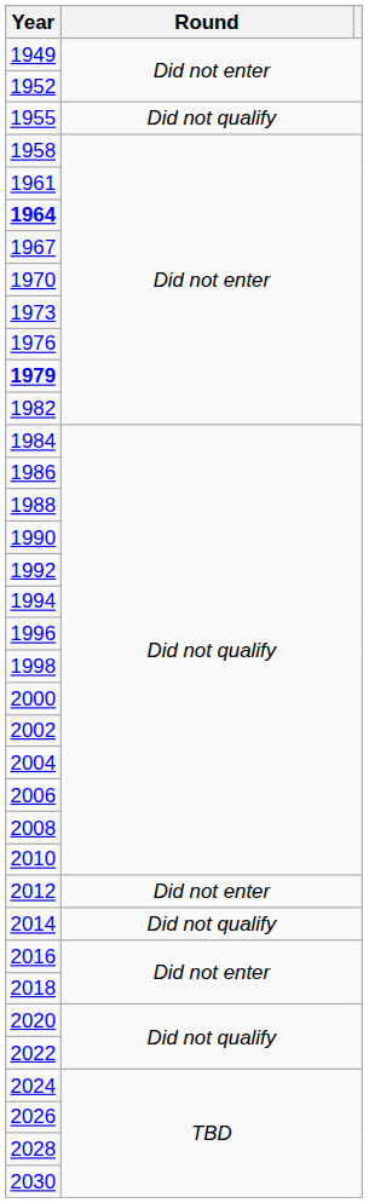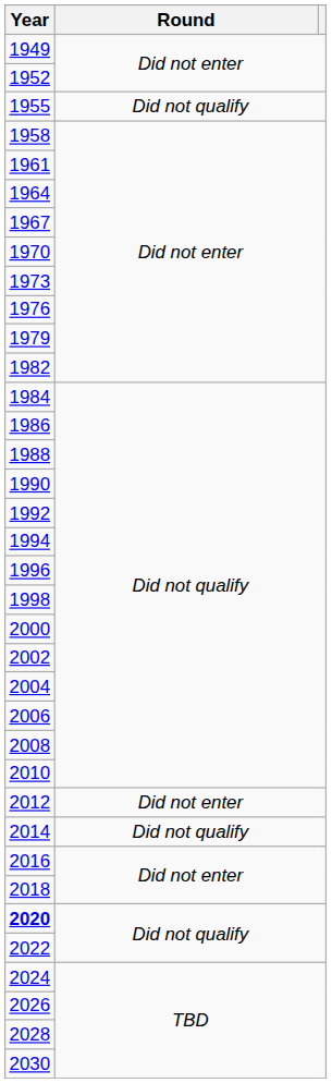 <table class="wikitable" style="text-align: center; font-size:90%">
 <tr>
 <th>Year</th>
 <th style="width:200px">Round</th>
 <th></th>
 </tr>
 <tr>
 <td><a href='#'>1949</a></td>
 <td colspan="2" rowspan="2"><em>Did not enter</em></td>
 </tr>
 <tr>
 <td><a href='#'>1952</a></td>
 </tr>
 <tr>
 <td><a href='#'>1955</a></td>
 <td colspan="2"><em>Did not qualify</em></td>
 </tr>
 <tr>
 <td><a href='#'>1958</a></td>
 <td colspan="2" rowspan="9"><em>Did not enter</em></td>
 </tr>
 <tr>
 <td><a href='#'>1961</a></td>
 </tr>
 <tr>
-<td><strong><a href='#'>1964</a></strong></td>
+<td><a href='#'>1964</a></td>
 </tr>
 <tr>
 <td><a href='#'>1967</a></td>
 </tr>
 <tr>
 <td><a href='#'>1970</a></td>
 </tr>
 <tr>
 <td><a href='#'>1973</a></td>
 </tr>
 <tr>
 <td><a href='#'>1976</a></td>
 </tr>
 <tr>
-<td><strong><a href='#'>1979</a></strong></td>
+<td><a href='#'>1979</a></td>
 </tr>
 <tr>
 <td><a href='#'>1982</a></td>
 </tr>
 <tr>
 <td><a href='#'>1984</a></td>
 <td colspan="2" rowspan="14"><em>Did not qualify</em></td>
 </tr>
 <tr>
 <td><a href='#'>1986</a></td>
 </tr>
 <tr>
 <td><a href='#'>1988</a></td>
 </tr>
 <tr>
 <td><a href='#'>1990</a></td>
 </tr>
 <tr>
 <td><a href='#'>1992</a></td>
 </tr>
 <tr>
 <td><a href='#'>1994</a></td>
 </tr>
 <tr>
 <td><a href='#'>1996</a></td>
 </tr>
 <tr>
 <td><a href='#'>1998</a></td>
 </tr>
 <tr>
 <td><a href='#'>2000</a></td>
 </tr>
 <tr>
 <td><a href='#'>2002</a></td>
 </tr>
 <tr>
 <td><a href='#'>2004</a></td>
 </tr>
 <tr>
 <td><a href='#'>2006</a></td>
 </tr>
 <tr>
 <td><a href='#'>2008</a></td>
 </tr>
 <tr>
 <td><a href='#'>2010</a></td>
 </tr>
 <tr>
 <td><a href='#'>2012</a></td>
 <td colspan="2"><em>Did not enter</em></td>
 </tr>
 <tr>
 <td><a href='#'>2014</a></td>
 <td colspan="2"><em>Did not qualify</em></td>
 </tr>
 <tr>
 <td><a href='#'>2016</a></td>
 <td colspan="2" rowspan="2"><em>Did not enter</em></td>
 </tr>
 <tr>
 <td><a href='#'>2018</a></td>
 </tr>
 <tr>
-<td><a href='#'>2020</a></td>
+<td><strong><a href='#'>2020</a></strong></td>
 <td colspan="2" rowspan="2"><em>Did not qualify</em></td>
 </tr>
 <tr>
 <td><a href='#'>2022</a></td>
 </tr>
 <tr>
 <td><a href='#'>2024</a></td>
 <td colspan="2" rowspan="4"><em>TBD</em></td>
 </tr>
 <tr>
 <td><a href='#'>2026</a></td>
 </tr>
 <tr>
 <td><a href='#'>2028</a></td>
 </tr>
 <tr>
 <td><a href='#'>2030</a></td>
 </tr>
 </table>
